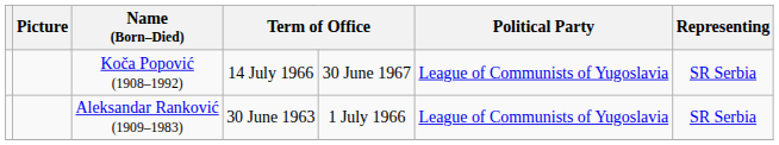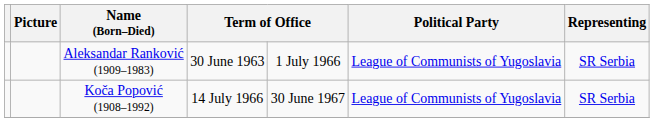 <table class="wikitable"  style="text-align:center;">
 <tr>
 <th></th>
 <th>Picture</th>
 <th>Name<br><small>(Born–Died)</small></th>
 <th colspan="2">Term of Office</th>
 <th>Political Party</th>
 <th>Representing</th>
 </tr>
 <tr>
 <td style="background:"></td>
 <td></td>
+<td><a href='#'>Aleksandar Ranković</a><br><small>(1909–1983)</small></td>
+<td>30 June 1963</td>
+<td>1 July 1966</td>
+<td><a href='#'>League of Communists of Yugoslavia</a></td>
+<td><a href='#'>SR Serbia</a></td>
+</tr>
+<tr>
+<td style="background:"></td>
+<td></td>
 <td><a href='#'>Koča Popović</a><br><small>(1908–1992)</small></td>
 <td>14 July 1966</td>
 <td>30 June 1967</td>
 <td><a href='#'>League of Communists of Yugoslavia</a></td>
 <td><a href='#'>SR Serbia</a></td>
 </tr>
 <tr>
-<td style="background:"></td>
-<td></td>
-<td><a href='#'>Aleksandar Ranković</a><br><small>(1909–1983)</small></td>
-<td>30 June 1963</td>
-<td>1 July 1966</td>
-<td><a href='#'>League of Communists of Yugoslavia</a></td>
-<td><a href='#'>SR Serbia</a></td>
-</tr>
-<tr>
 </tr>
 </table>
